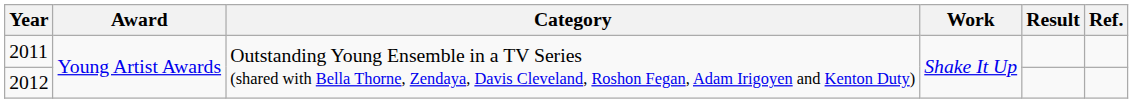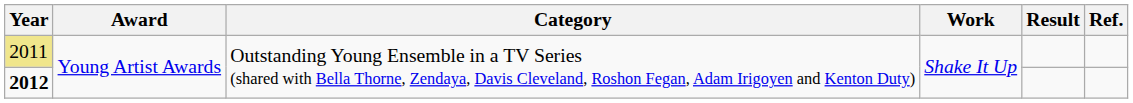 <table class="wikitable">
 <tr>
 <th>Year</th>
 <th>Award</th>
 <th>Category</th>
 <th>Work</th>
 <th>Result</th>
 <th>Ref.</th>
 </tr>
 <tr>
-<td>2011</td>
+<td style="background: khaki;">2011</td>
 <td rowspan=2><a href='#'>Young Artist Awards</a></td>
 <td rowspan=2>Outstanding Young Ensemble in a TV Series<br><small>(shared with <a href='#'>Bella Thorne</a>, <a href='#'>Zendaya</a>, <a href='#'>Davis Cleveland</a>, <a href='#'>Roshon Fegan</a>, <a href='#'>Adam Irigoyen</a> and <a href='#'>Kenton Duty</a>)</small></td>
 <td rowspan=2><em><a href='#'>Shake It Up</a></em></td>
 <td></td>
 <td style="text-align:center;"></td>
 </tr>
 <tr>
-<td>2012</td>
+<td><strong>2012</strong></td>
 <td></td>
 <td style="text-align:center;"></td>
 </tr>
 </table>
